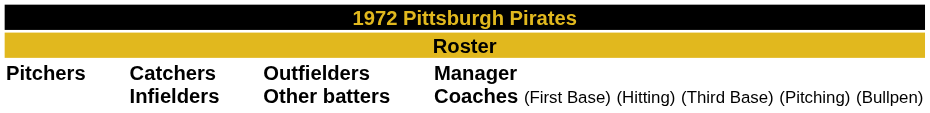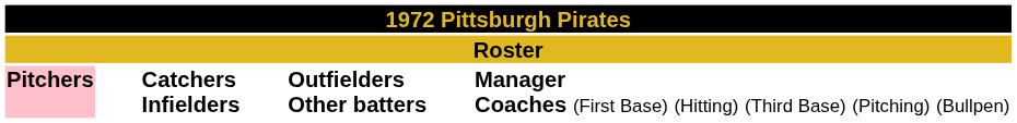 <table class="toccolours" style="font-size: 95%;">
 <tr>
 <th colspan="10" style="background-color: black; color: #e1b81e; text-align: center;">1972 Pittsburgh Pirates</th>
 </tr>
 <tr>
 <td colspan="10" style="background-color: #e1b81e; color: black; text-align: center;"><strong>Roster</strong></td>
 </tr>
 <tr>
-<td valign="top"><strong>Pitchers</strong><br>            </td>
+<td valign="top" style="background: pink;"><strong>Pitchers</strong><br>            </td>
 <td width="25px"></td>
 <td valign="top"><strong>Catchers</strong><br>  <strong>Infielders</strong>            </td>
 <td width="25px"></td>
 <td valign="top"><strong>Outfielders</strong><br>     <strong>Other batters</strong> </td>
 <td width="25px"></td>
 <td valign="top"><strong>Manager</strong><br> <strong>Coaches</strong> <small>(First Base)</small> <small>(Hitting)</small> <small>(Third Base)</small> <small>(Pitching)</small> <small>(Bullpen)</small></td>
 </tr>
 </table>
